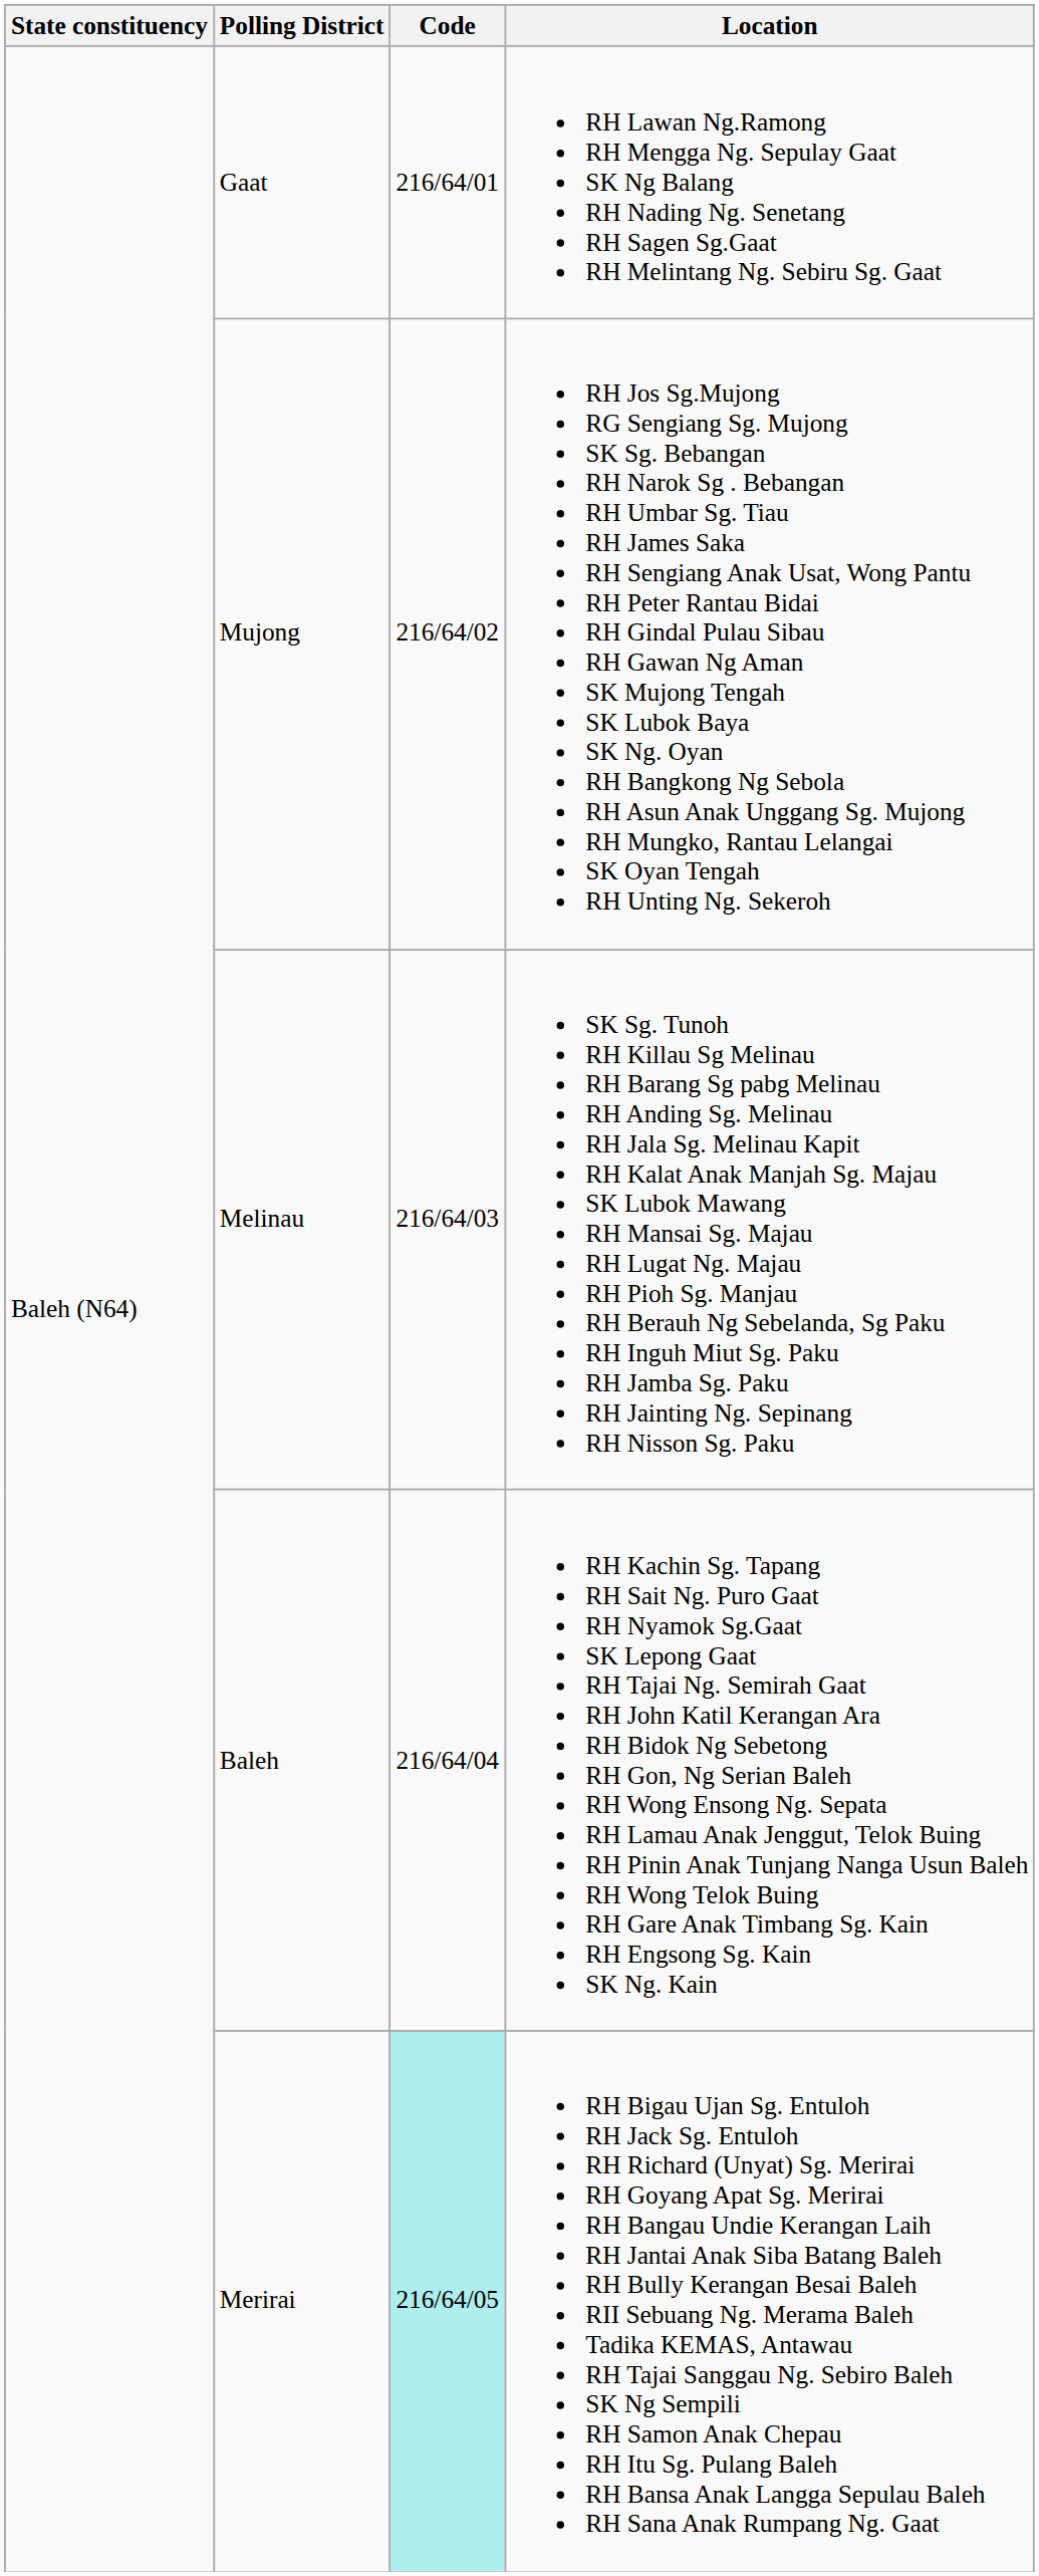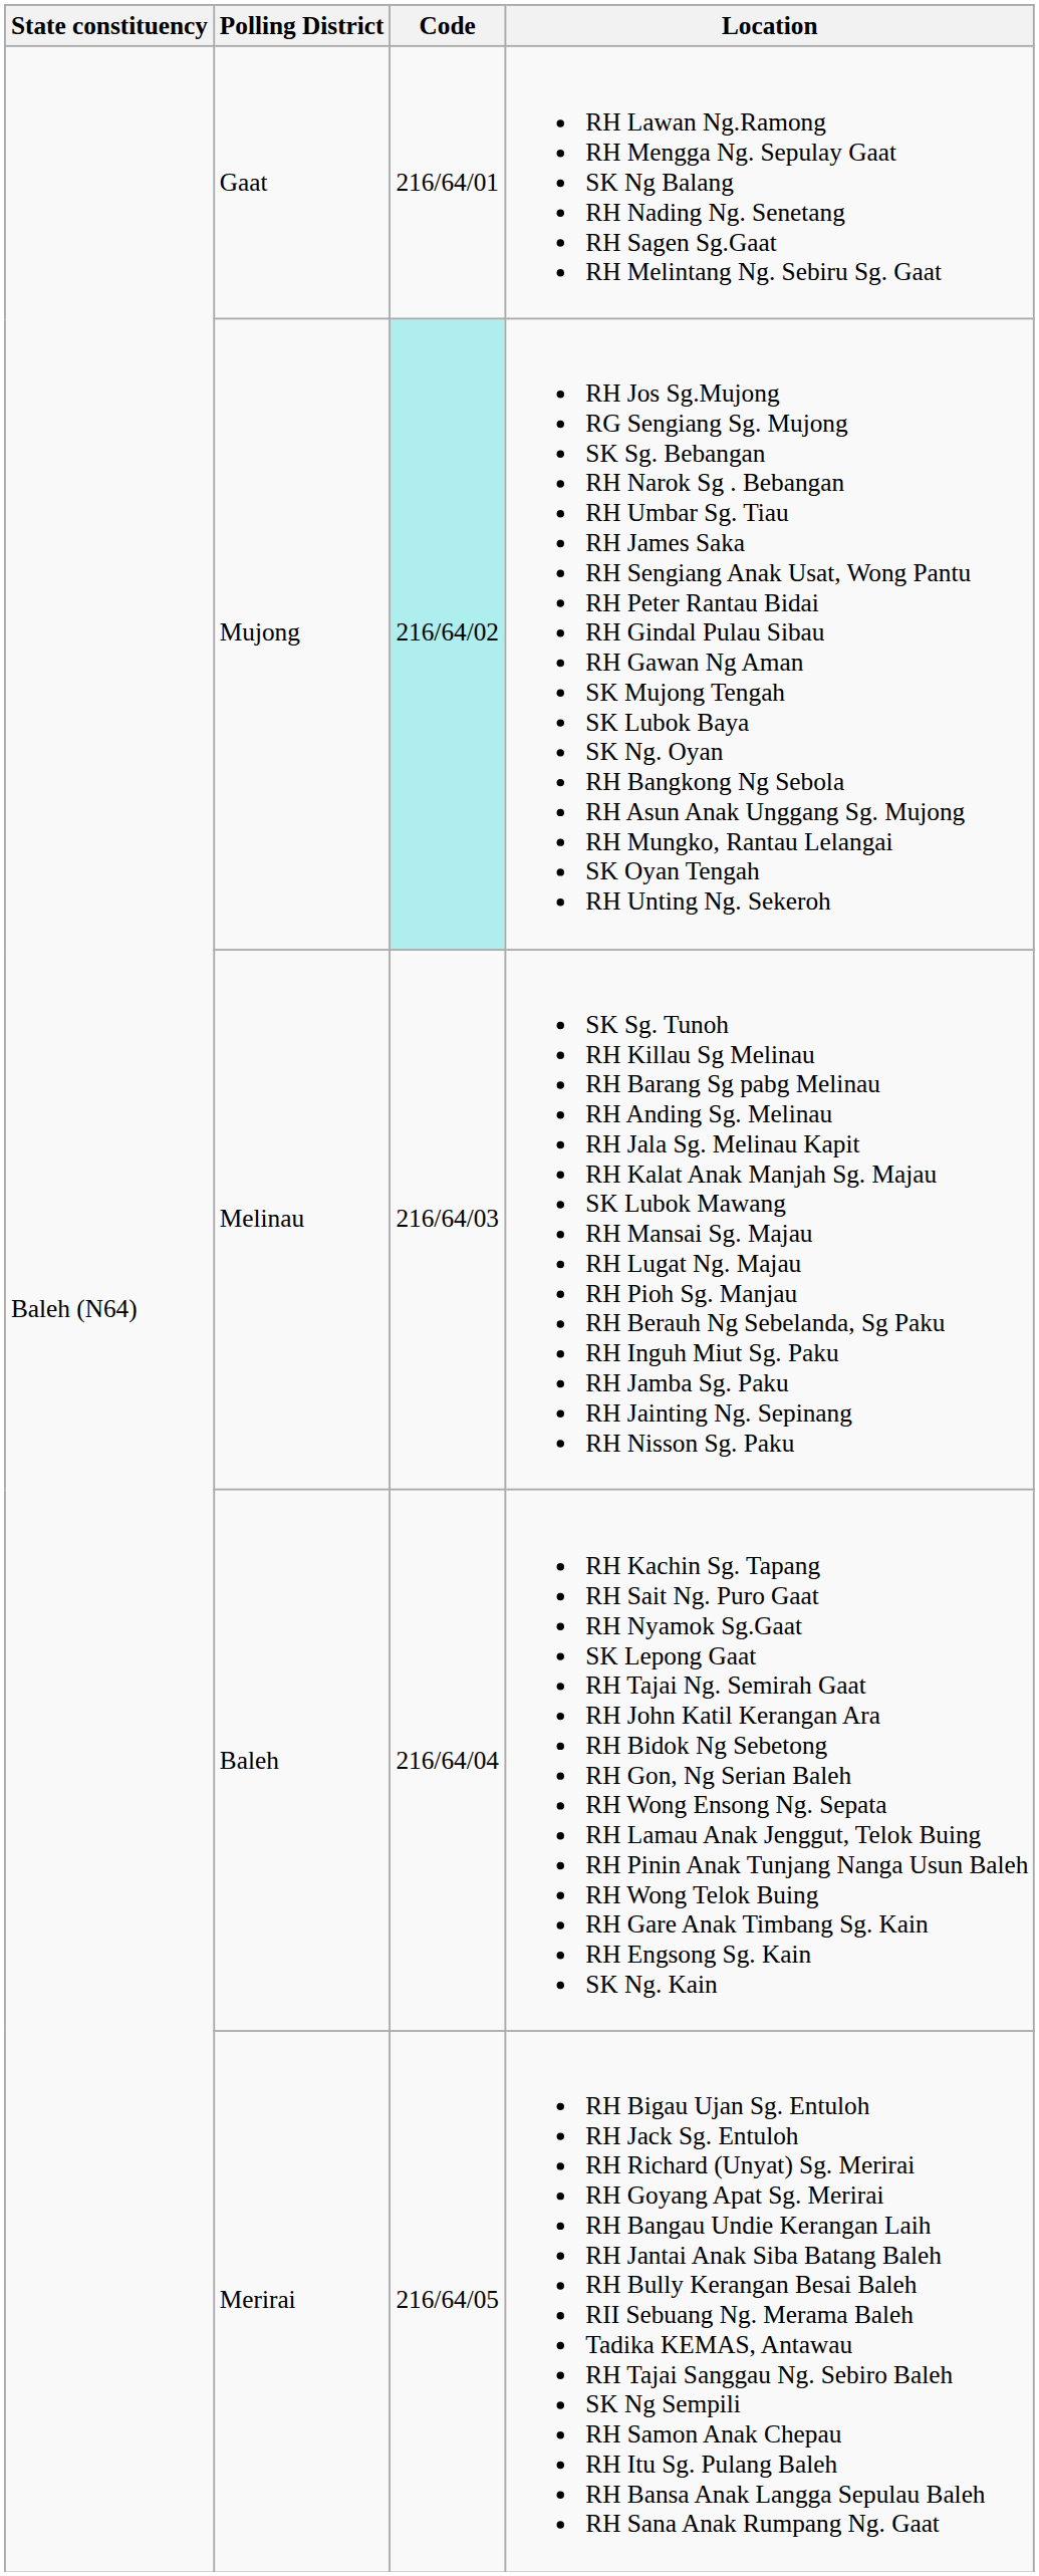 <table class="wikitable sortable mw-collapsible" style="white-space:nowrap;font-size:85%">
 <tr>
 <th>State constituency</th>
 <th>Polling District</th>
 <th>Code</th>
 <th>Location</th>
 </tr>
 <tr>
 <td rowspan="5">Baleh (N64)</td>
 <td>Gaat</td>
 <td>216/64/01</td>
 <td><br><ul><li>RH Lawan Ng.Ramong</li><li>RH Mengga Ng. Sepulay Gaat</li><li>SK Ng Balang</li><li>RH Nading Ng. Senetang</li><li>RH Sagen Sg.Gaat</li><li>RH Melintang Ng. Sebiru Sg. Gaat</li></ul></td>
 </tr>
 <tr>
 <td>Mujong</td>
-<td>216/64/02</td>
+<td style="background: paleturquoise;">216/64/02</td>
 <td><br><ul><li>RH Jos Sg.Mujong</li><li>RG Sengiang Sg. Mujong</li><li>SK Sg. Bebangan</li><li>RH Narok Sg . Bebangan</li><li>RH Umbar Sg. Tiau</li><li>RH James Saka</li><li>RH Sengiang Anak Usat, Wong Pantu</li><li>RH Peter Rantau Bidai</li><li>RH Gindal Pulau Sibau</li><li>RH Gawan Ng  Aman</li><li>SK Mujong Tengah</li><li>SK Lubok Baya</li><li>SK Ng. Oyan</li><li>RH Bangkong Ng Sebola</li><li>RH Asun Anak Unggang Sg. Mujong</li><li>RH Mungko, Rantau Lelangai</li><li>SK Oyan Tengah</li><li>RH Unting Ng. Sekeroh</li></ul></td>
 </tr>
 <tr>
 <td>Melinau</td>
 <td>216/64/03</td>
 <td><br><ul><li>SK Sg. Tunoh</li><li>RH Killau Sg Melinau</li><li>RH Barang Sg  pabg Melinau</li><li>RH Anding Sg. Melinau</li><li>RH Jala Sg. Melinau Kapit</li><li>RH Kalat Anak Manjah Sg. Majau</li><li>SK Lubok Mawang</li><li>RH Mansai Sg. Majau</li><li>RH Lugat Ng. Majau</li><li>RH Pioh Sg. Manjau</li><li>RH Berauh Ng Sebelanda, Sg Paku</li><li>RH Inguh Miut Sg. Paku</li><li>RH Jamba Sg. Paku</li><li>RH Jainting Ng. Sepinang</li><li>RH Nisson Sg. Paku</li></ul></td>
 </tr>
 <tr>
 <td>Baleh</td>
 <td>216/64/04</td>
 <td><br><ul><li>RH Kachin Sg. Tapang</li><li>RH Sait Ng. Puro Gaat</li><li>RH Nyamok Sg.Gaat</li><li>SK Lepong Gaat</li><li>RH Tajai Ng. Semirah Gaat</li><li>RH John Katil Kerangan Ara</li><li>RH Bidok Ng  Sebetong</li><li>RH Gon, Ng Serian Baleh</li><li>RH Wong Ensong Ng. Sepata</li><li>RH Lamau Anak Jenggut, Telok Buing</li><li>RH Pinin Anak Tunjang Nanga Usun Baleh</li><li>RH Wong Telok Buing</li><li>RH Gare Anak Timbang Sg. Kain</li><li>RH Engsong Sg. Kain</li><li>SK Ng. Kain</li></ul></td>
 </tr>
 <tr>
 <td>Merirai</td>
-<td style="background: paleturquoise;">216/64/05</td>
+<td>216/64/05</td>
 <td><br><ul><li>RH Bigau Ujan Sg. Entuloh</li><li>RH Jack Sg. Entuloh</li><li>RH Richard (Unyat) Sg. Merirai</li><li>RH Goyang Apat Sg. Merirai</li><li>RH Bangau Undie Kerangan Laih</li><li>RH Jantai Anak Siba Batang Baleh</li><li>RH Bully Kerangan Besai Baleh</li><li>RII Sebuang Ng. Merama Baleh</li><li>Tadika KEMAS, Antawau</li><li>RH Tajai Sanggau Ng. Sebiro Baleh</li><li>SK Ng Sempili</li><li>RH Samon Anak Chepau</li><li>RH Itu Sg. Pulang Baleh</li><li>RH Bansa Anak Langga Sepulau Baleh</li><li>RH Sana Anak Rumpang Ng. Gaat</li></ul></td>
 </tr>
 </table>
